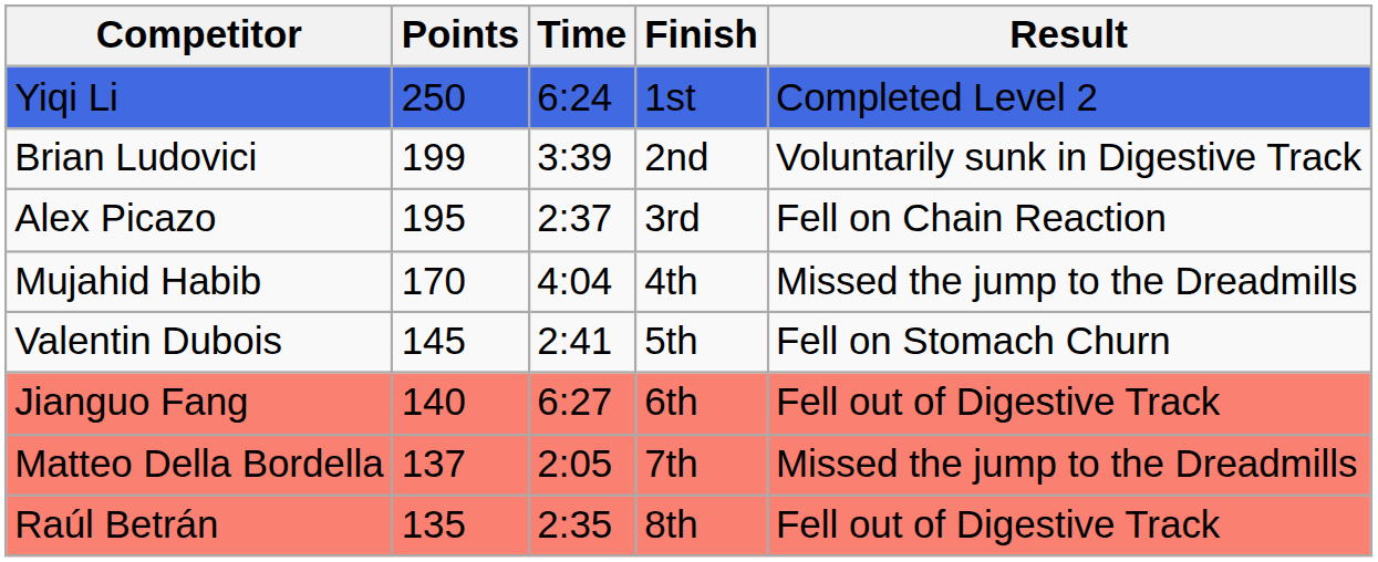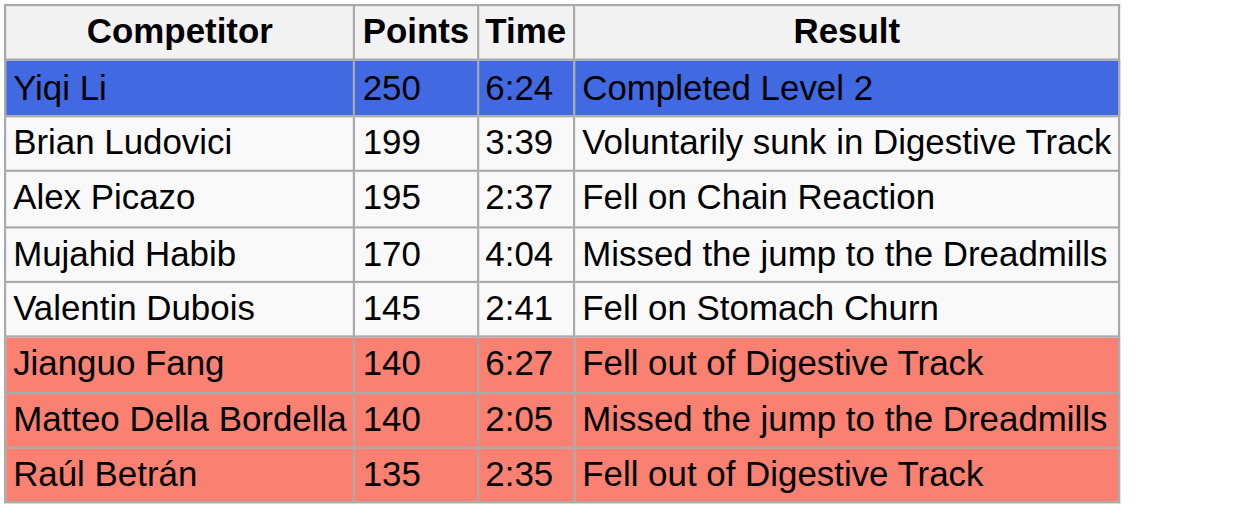 <table class="wikitable sortable">
 <tr>
 <th>Competitor</th>
 <th>Points</th>
 <th>Time</th>
-<th>Finish</th>
 <th>Result</th>
 </tr>
 <tr style="background:royalblue;">
 <td> Yiqi Li</td>
 <td>250</td>
 <td>6:24</td>
-<td>1st</td>
 <td>Completed Level 2</td>
 </tr>
 <tr>
 <td> Brian Ludovici</td>
 <td>199</td>
 <td>3:39</td>
-<td>2nd</td>
 <td>Voluntarily sunk in Digestive Track</td>
 </tr>
 <tr>
 <td> Alex Picazo</td>
 <td>195</td>
 <td>2:37</td>
-<td>3rd</td>
 <td>Fell on Chain Reaction</td>
 </tr>
 <tr>
 <td> Mujahid Habib</td>
 <td>170</td>
 <td>4:04</td>
-<td>4th</td>
 <td>Missed the jump to the Dreadmills</td>
 </tr>
 <tr>
 <td> Valentin Dubois</td>
 <td>145</td>
 <td>2:41</td>
-<td>5th</td>
 <td>Fell on Stomach Churn</td>
 </tr>
 <tr style="background-color:#fa8072">
 <td> Jianguo Fang</td>
 <td>140</td>
 <td>6:27</td>
-<td>6th</td>
 <td>Fell out of Digestive Track</td>
 </tr>
 <tr style="background-color:#fa8072">
 <td> Matteo Della Bordella</td>
-<td>137</td>
+<td>140</td>
 <td>2:05</td>
-<td>7th</td>
 <td>Missed the jump to the Dreadmills</td>
 </tr>
 <tr style="background-color:#fa8072">
 <td> Raúl Betrán</td>
 <td>135</td>
 <td>2:35</td>
-<td>8th</td>
 <td>Fell out of Digestive Track</td>
 </tr>
 </table>
